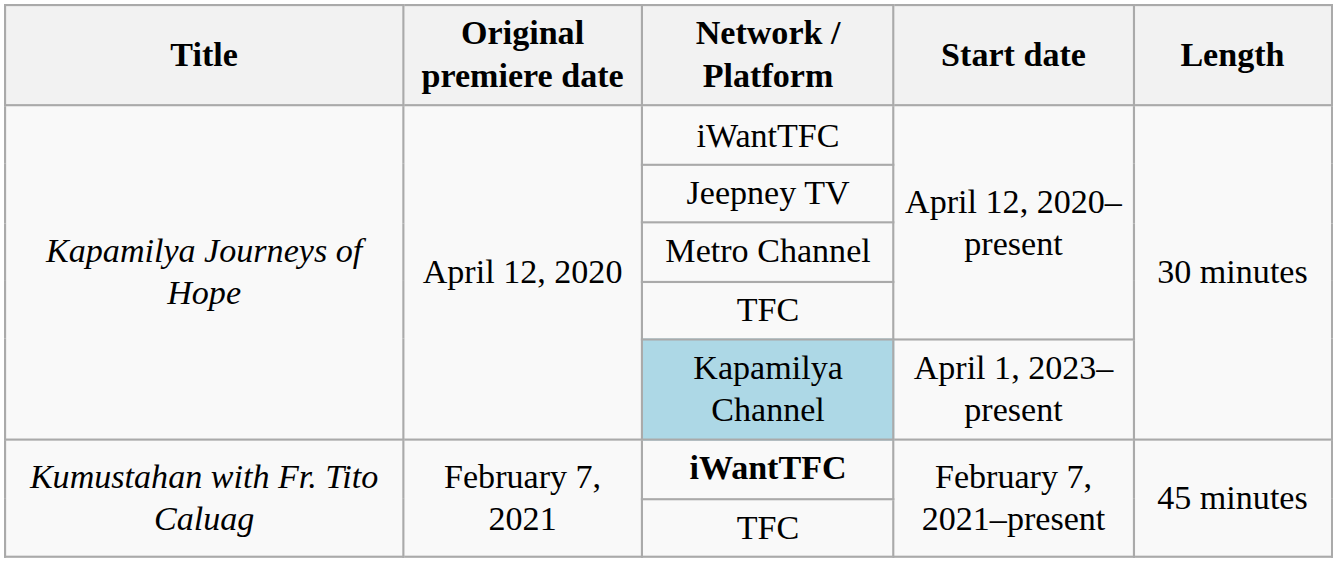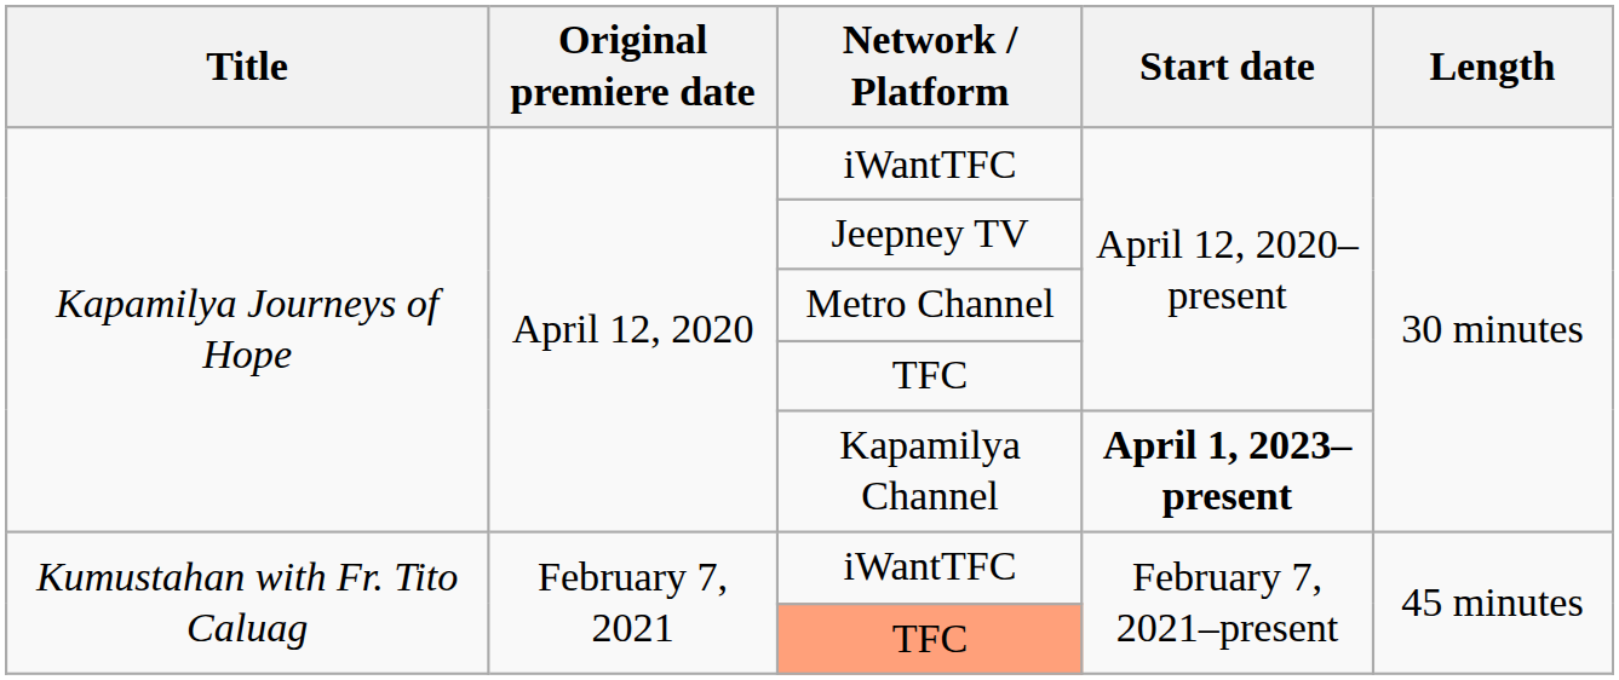 <table class="wikitable sortable" style="text-align:center; font-size:100%; line-height:20px;" width="100%">
 <tr>
 <th style="width:30%;">Title</th>
 <th style="width:18%;">Original premiere date</th>
 <th style="width:19%;">Network / Platform</th>
 <th style="width:18%;">Start date</th>
 <th style="width:15%;">Length</th>
 </tr>
 <tr>
 <td rowspan="5"><em>Kapamilya Journeys of Hope</em></td>
 <td rowspan="5">April 12, 2020</td>
 <td>iWantTFC</td>
 <td rowspan="4">April 12, 2020–present</td>
 <td rowspan="5">30 minutes</td>
 </tr>
 <tr>
 <td>Jeepney TV</td>
 </tr>
 <tr>
 <td>Metro Channel</td>
 </tr>
 <tr>
 <td>TFC</td>
 </tr>
 <tr>
-<td style="background: lightblue;">Kapamilya Channel</td>
-<td>April 1, 2023–present</td>
+<td>Kapamilya Channel</td>
+<td><strong>April 1, 2023–present</strong></td>
 </tr>
 <tr>
 <td rowspan="2"><em>Kumustahan with Fr. Tito Caluag</em></td>
 <td rowspan="2">February 7, 2021</td>
-<td><strong>iWantTFC</strong></td>
+<td>iWantTFC</td>
 <td rowspan="2">February 7, 2021–present</td>
 <td rowspan="2">45 minutes</td>
 </tr>
 <tr>
-<td>TFC</td>
+<td style="background: lightsalmon;">TFC</td>
 </tr>
 </table>
